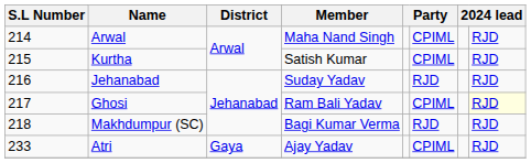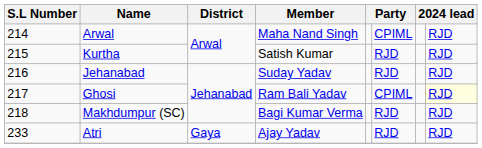 <table class="wikitable">
 <tr>
 <th>S.L Number</th>
 <th>Name</th>
 <th>District</th>
 <th>Member</th>
 <th colspan="2">Party</th>
 <th colspan="2">2024 lead</th>
 </tr>
 <tr>
 <td>214</td>
 <td><a href='#'>Arwal</a></td>
 <td rowspan="2"><a href='#'>Arwal</a></td>
 <td><a href='#'>Maha Nand Singh</a></td>
 <td style=background-color:></td>
 <td><a href='#'>CPIML</a></td>
 <td style="background-color: "></td>
 <td><a href='#'>RJD</a></td>
 </tr>
 <tr>
 <td>215</td>
 <td><a href='#'>Kurtha</a></td>
 <td>Satish Kumar</td>
 <td style="background-color: "></td>
-<td><a href='#'>CPIML</a></td>
+<td><a href='#'>RJD</a></td>
 <td style="background-color: "></td>
 <td><a href='#'>RJD</a></td>
 </tr>
 <tr>
 <td>216</td>
 <td><a href='#'>Jehanabad</a></td>
 <td rowspan="3"><a href='#'>Jehanabad</a></td>
 <td><a href='#'>Suday Yadav</a></td>
 <td style="background-color: "></td>
 <td><a href='#'>RJD</a></td>
 <td style="background-color: "></td>
 <td><a href='#'>RJD</a></td>
 </tr>
 <tr>
 <td>217</td>
 <td><a href='#'>Ghosi</a></td>
 <td><a href='#'>Ram Bali Yadav</a></td>
 <td style=background-color:></td>
 <td><a href='#'>CPIML</a></td>
 <td style="background-color: "></td>
 <td style="background: lightyellow;"><a href='#'>RJD</a></td>
 </tr>
 <tr>
 <td>218</td>
 <td><a href='#'>Makhdumpur</a> (SC)</td>
 <td><a href='#'>Bagi Kumar Verma</a></td>
 <td style="background-color: "></td>
 <td><a href='#'>RJD</a></td>
 <td style="background-color: "></td>
 <td><a href='#'>RJD</a></td>
 </tr>
 <tr>
 <td>233</td>
 <td><a href='#'>Atri</a></td>
 <td><a href='#'>Gaya</a></td>
 <td><a href='#'>Ajay Yadav</a></td>
 <td style="background-color: "></td>
-<td><a href='#'>CPIML</a></td>
+<td><a href='#'>RJD</a></td>
 <td style="background-color: "></td>
 <td><a href='#'>RJD</a></td>
 </tr>
 <tr>
 </tr>
 </table>
